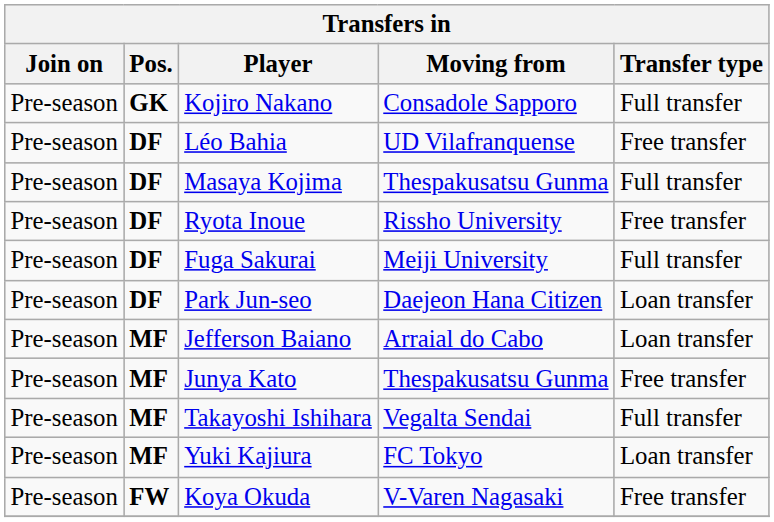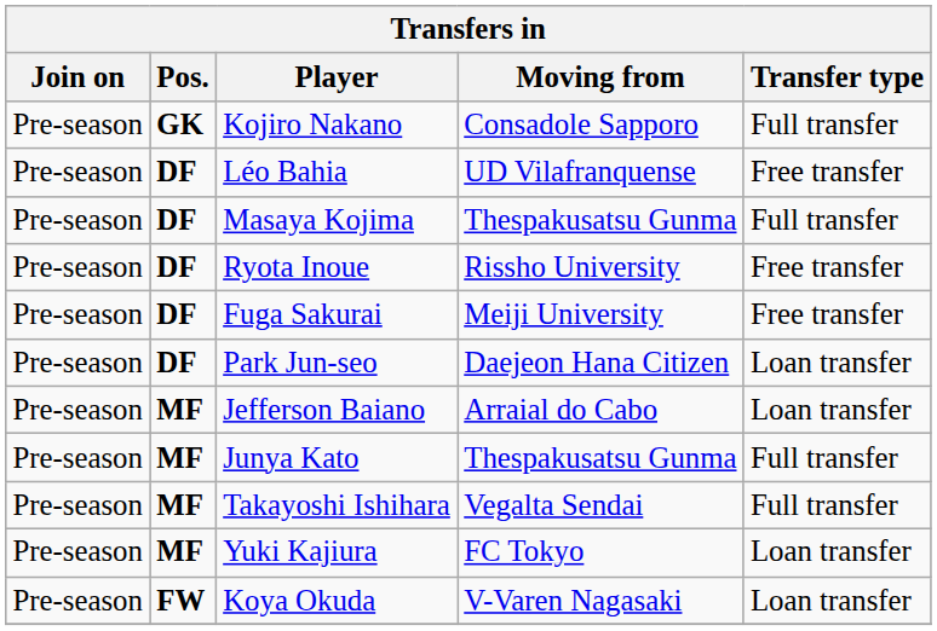 <table class="wikitable sortable" style=“text-align:left;>
 <tr>
 <th colspan="5">Transfers in</th>
 </tr>
 <tr>
 <th>Join on</th>
 <th>Pos.</th>
 <th>Player</th>
 <th>Moving from</th>
 <th>Transfer type</th>
 </tr>
 <tr>
 <td>Pre-season</td>
 <td><strong>GK</strong></td>
 <td> <a href='#'>Kojiro Nakano</a></td>
 <td> <a href='#'>Consadole Sapporo</a></td>
 <td>Full transfer</td>
 </tr>
 <tr>
 <td>Pre-season</td>
 <td><strong>DF</strong></td>
 <td> <a href='#'>Léo Bahia</a></td>
 <td> <a href='#'>UD Vilafranquense</a></td>
 <td>Free transfer</td>
 </tr>
 <tr>
 <td>Pre-season</td>
 <td><strong>DF</strong></td>
 <td> <a href='#'>Masaya Kojima</a></td>
 <td> <a href='#'>Thespakusatsu Gunma</a></td>
 <td>Full transfer</td>
 </tr>
 <tr>
 <td>Pre-season</td>
 <td><strong>DF</strong></td>
 <td> <a href='#'>Ryota Inoue</a></td>
 <td> <a href='#'>Rissho University</a></td>
 <td>Free transfer</td>
 </tr>
 <tr>
 <td>Pre-season</td>
 <td><strong>DF</strong></td>
 <td> <a href='#'>Fuga Sakurai</a></td>
 <td> <a href='#'>Meiji University</a></td>
-<td>Full transfer</td>
+<td>Free transfer</td>
 </tr>
 <tr>
 <td>Pre-season</td>
 <td><strong>DF</strong></td>
 <td> <a href='#'>Park Jun-seo</a></td>
 <td> <a href='#'>Daejeon Hana Citizen</a></td>
 <td>Loan transfer</td>
 </tr>
 <tr>
 <td>Pre-season</td>
 <td><strong>MF</strong></td>
 <td> <a href='#'>Jefferson Baiano</a></td>
 <td> <a href='#'>Arraial do Cabo</a></td>
 <td>Loan transfer</td>
 </tr>
 <tr>
 <td>Pre-season</td>
 <td><strong>MF</strong></td>
 <td> <a href='#'>Junya Kato</a></td>
 <td> <a href='#'>Thespakusatsu Gunma</a></td>
-<td>Free transfer</td>
+<td>Full transfer</td>
 </tr>
 <tr>
 <td>Pre-season</td>
 <td><strong>MF</strong></td>
 <td> <a href='#'>Takayoshi Ishihara</a></td>
 <td> <a href='#'>Vegalta Sendai</a></td>
 <td>Full transfer</td>
 </tr>
 <tr>
 <td>Pre-season</td>
 <td><strong>MF</strong></td>
 <td> <a href='#'>Yuki Kajiura</a></td>
 <td> <a href='#'>FC Tokyo</a></td>
 <td>Loan transfer</td>
 </tr>
 <tr>
 <td>Pre-season</td>
 <td><strong>FW</strong></td>
 <td> <a href='#'>Koya Okuda</a></td>
 <td> <a href='#'>V-Varen Nagasaki</a></td>
-<td>Free transfer</td>
+<td>Loan transfer</td>
 </tr>
 <tr>
 </tr>
 </table>
